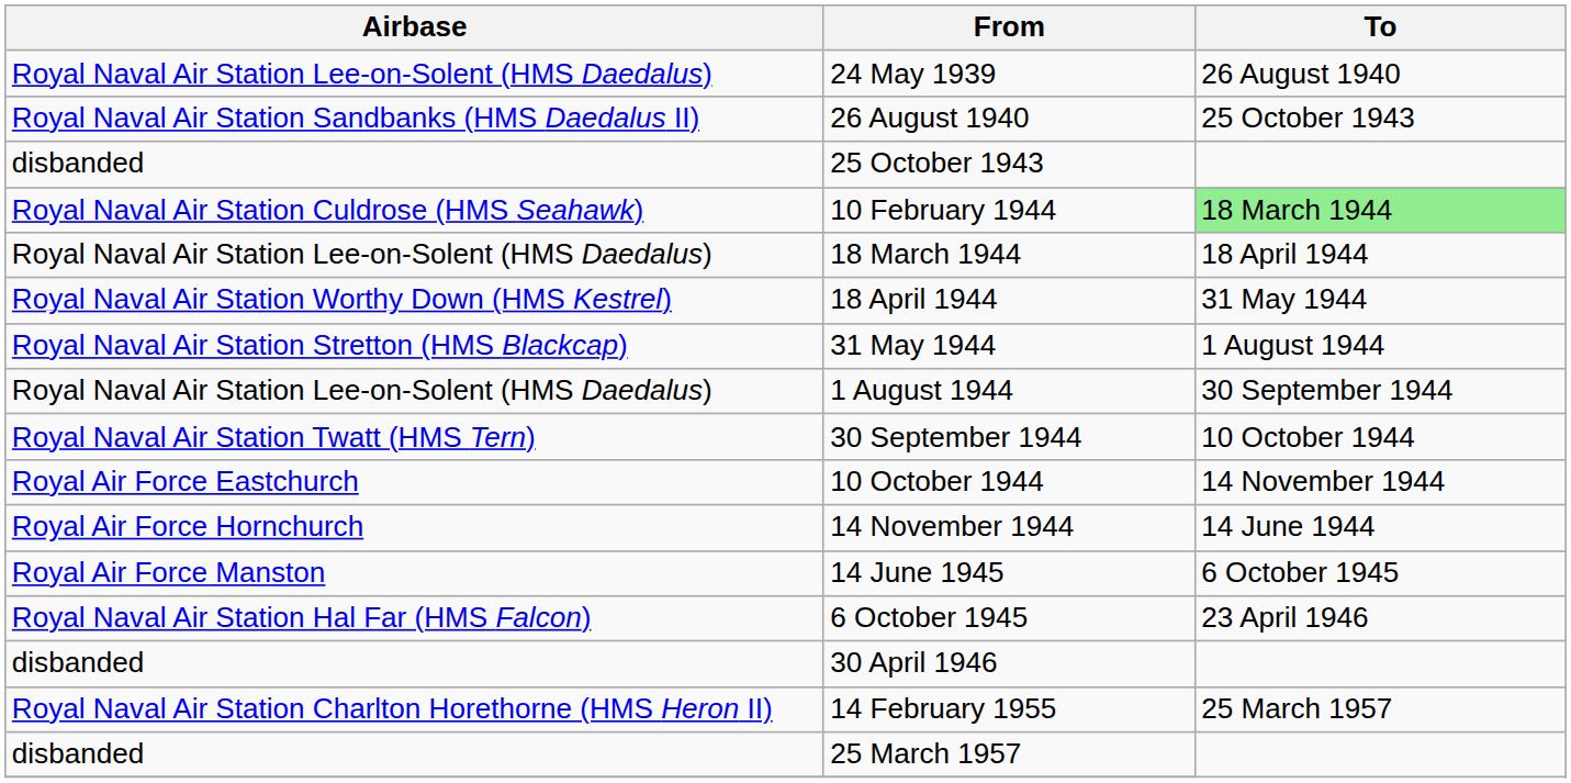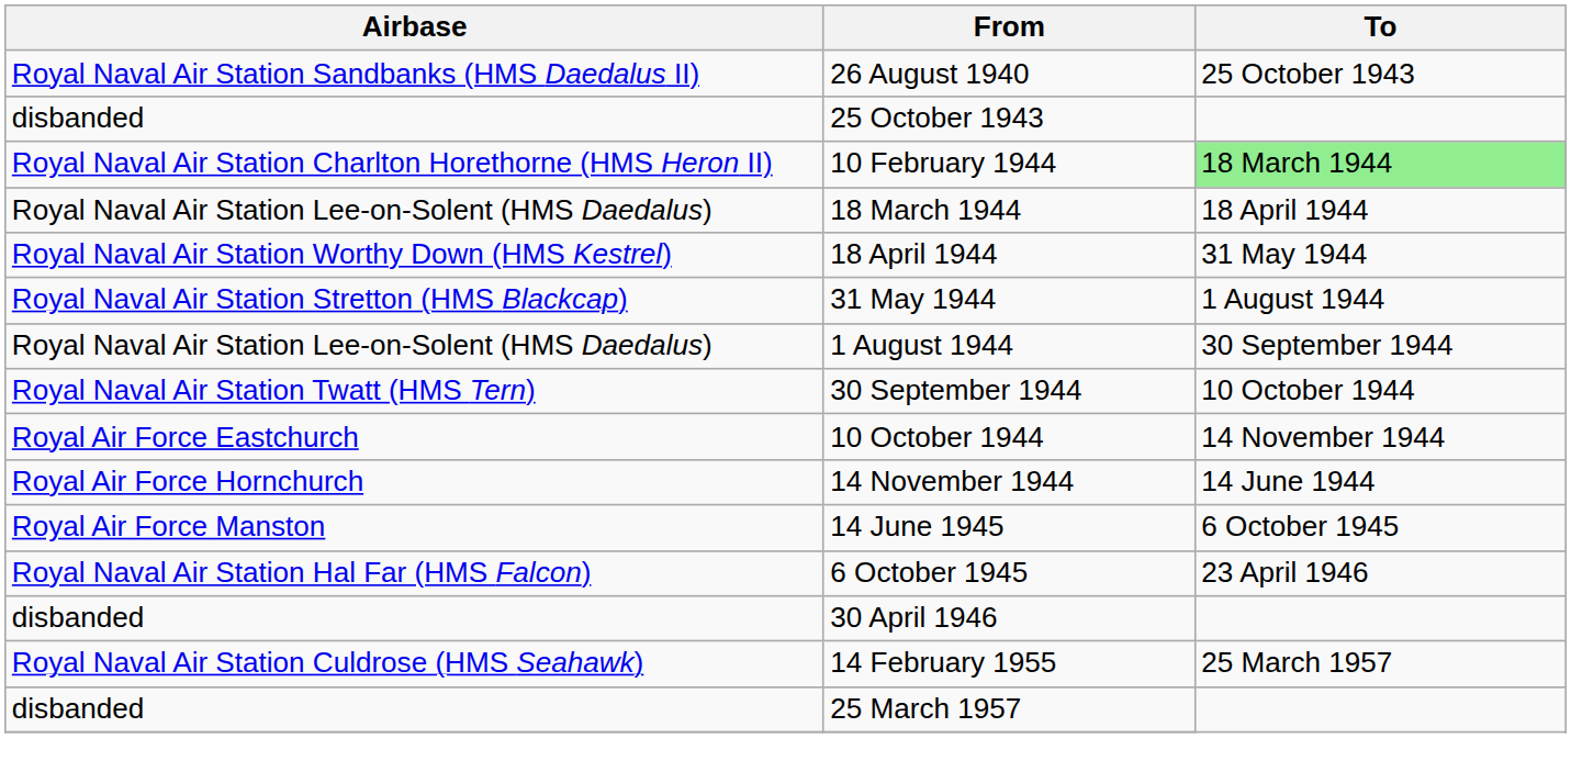 <table class="wikitable">
 <tr>
 <th style="width: 450px;">Airbase</th>
 <th style="width: 200px;">From</th>
 <th style="width: 200px;">To</th>
-</tr>
-<tr>
-<td><a href='#'>Royal Naval Air Station Lee-on-Solent (HMS <em>Daedalus</em>)</a></td>
-<td>24 May 1939</td>
-<td>26 August 1940</td>
 </tr>
 <tr>
 <td><a href='#'>Royal Naval Air Station Sandbanks (HMS <em>Daedalus</em> II)</a></td>
 <td>26 August 1940</td>
 <td>25 October 1943</td>
 </tr>
 <tr>
 <td>disbanded</td>
 <td>25 October 1943</td>
 </tr>
 <tr>
-<td><a href='#'>Royal Naval Air Station Culdrose (HMS <em>Seahawk</em>)</a></td>
+<td><a href='#'>Royal Naval Air Station Charlton Horethorne (HMS <em>Heron</em> II)</a></td>
 <td>10 February 1944</td>
 <td style="background: lightgreen;">18 March 1944</td>
 </tr>
 <tr>
 <td>Royal Naval Air Station Lee-on-Solent (HMS <em>Daedalus</em>)</td>
 <td>18 March 1944</td>
 <td>18 April 1944</td>
 </tr>
 <tr>
 <td><a href='#'>Royal Naval Air Station Worthy Down (HMS <em>Kestrel</em>)</a></td>
 <td>18 April 1944</td>
 <td>31 May 1944</td>
 </tr>
 <tr>
 <td><a href='#'>Royal Naval Air Station Stretton (HMS <em>Blackcap</em>)</a></td>
 <td>31 May 1944</td>
 <td>1 August 1944</td>
 </tr>
 <tr>
 <td>Royal Naval Air Station Lee-on-Solent (HMS <em>Daedalus</em>)</td>
 <td>1 August 1944</td>
 <td>30 September 1944</td>
 </tr>
 <tr>
 <td><a href='#'>Royal Naval Air Station Twatt (HMS <em>Tern</em>)</a></td>
 <td>30 September 1944</td>
 <td>10 October 1944</td>
 </tr>
 <tr>
 <td><a href='#'>Royal Air Force Eastchurch</a></td>
 <td>10 October 1944</td>
 <td>14 November 1944</td>
 </tr>
 <tr>
 <td><a href='#'>Royal Air Force Hornchurch</a></td>
 <td>14 November 1944</td>
 <td>14 June 1944</td>
 </tr>
 <tr>
 <td><a href='#'>Royal Air Force Manston</a></td>
 <td>14 June 1945</td>
 <td>6 October 1945</td>
 </tr>
 <tr>
 <td><a href='#'>Royal Naval Air Station Hal Far (HMS <em>Falcon</em>)</a></td>
 <td>6 October 1945</td>
 <td>23 April 1946</td>
 </tr>
 <tr>
 <td>disbanded</td>
 <td>30 April 1946</td>
 </tr>
 <tr>
-<td><a href='#'>Royal Naval Air Station Charlton Horethorne (HMS <em>Heron</em> II)</a></td>
+<td><a href='#'>Royal Naval Air Station Culdrose (HMS <em>Seahawk</em>)</a></td>
 <td>14 February 1955</td>
 <td>25 March 1957</td>
 </tr>
 <tr>
 <td>disbanded</td>
 <td>25 March 1957</td>
 </tr>
 <tr>
 </tr>
 </table>
